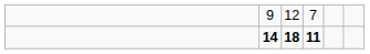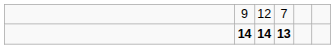 <table class="wikitable">
 <tr>
 <td style="width:18em"></td>
 <td align=center style="width:1em">9</td>
 <td align=center style="width:1em">12</td>
 <td align=center style="width:1em">7</td>
 <td align=center style="width:1em"></td>
 <td align=center style="width:1em"></td>
 </tr>
 <tr>
 <td style="width:18em"><strong></strong></td>
 <td align=center style="width:1em"><strong>14</strong></td>
-<td align=center style="width:1em"><strong>18</strong></td>
-<td align=center style="width:1em"><strong>11</strong></td>
+<td align=center style="width:1em"><strong>14</strong></td>
+<td align=center style="width:1em"><strong>13</strong></td>
 <td align=center style="width:1em"></td>
 <td align=center style="width:1em"></td>
 </tr>
 </table>
